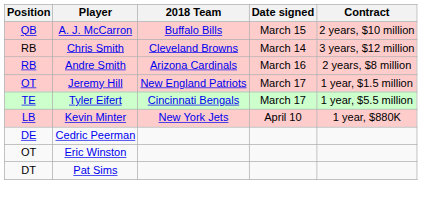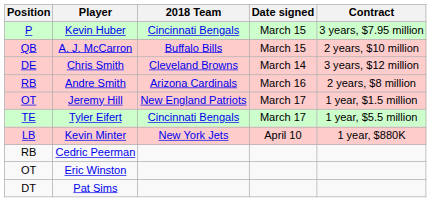 <table class="wikitable" style="text-align:center">
 <tr>
 <th>Position</th>
 <th>Player</th>
 <th>2018 Team</th>
 <th>Date signed</th>
 <th>Contract</th>
+</tr>
+<tr style="background:#cfc;">
+<td><a href='#'>P</a></td>
+<td><a href='#'>Kevin Huber</a></td>
+<td><a href='#'>Cincinnati Bengals</a></td>
+<td>March 15</td>
+<td>3 years, $7.95 million</td>
 </tr>
 <tr style="background:#fcc;">
 <td><a href='#'>QB</a></td>
 <td><a href='#'>A. J. McCarron</a></td>
 <td><a href='#'>Buffalo Bills</a></td>
 <td>March 15</td>
 <td>2 years, $10 million</td>
 </tr>
 <tr style="background:#fcc;">
-<td>RB</td>
+<td><a href='#'>DE</a></td>
 <td><a href='#'>Chris Smith</a></td>
 <td><a href='#'>Cleveland Browns</a></td>
 <td>March 14</td>
 <td>3 years, $12 million</td>
 </tr>
 <tr style="background:#fcc;">
 <td><a href='#'>RB</a></td>
 <td><a href='#'>Andre Smith</a></td>
 <td><a href='#'>Arizona Cardinals</a></td>
 <td>March 16</td>
 <td>2 years, $8 million</td>
 </tr>
 <tr style="background:#fcc;">
 <td><a href='#'>OT</a></td>
 <td><a href='#'>Jeremy Hill</a></td>
 <td><a href='#'>New England Patriots</a></td>
 <td>March 17</td>
 <td>1 year, $1.5 million</td>
 </tr>
 <tr style="background:#cfc;">
 <td><a href='#'>TE</a></td>
 <td><a href='#'>Tyler Eifert</a></td>
 <td><a href='#'>Cincinnati Bengals</a></td>
 <td>March 17</td>
 <td>1 year, $5.5 million</td>
 </tr>
 <tr style="background:#fcc;">
 <td><a href='#'>LB</a></td>
 <td><a href='#'>Kevin Minter</a></td>
 <td><a href='#'>New York Jets</a></td>
 <td>April 10</td>
 <td>1 year, $880K</td>
 </tr>
 <tr>
-<td><a href='#'>DE</a></td>
+<td>RB</td>
 <td><a href='#'>Cedric Peerman</a></td>
 <td></td>
 <td></td>
 <td></td>
 </tr>
 <tr>
 <td>OT</td>
 <td><a href='#'>Eric Winston</a></td>
 <td></td>
 <td></td>
 <td></td>
 </tr>
 <tr>
 <td>DT</td>
 <td><a href='#'>Pat Sims</a></td>
 <td></td>
 <td></td>
 <td></td>
 </tr>
 </table>
